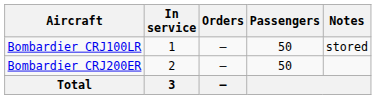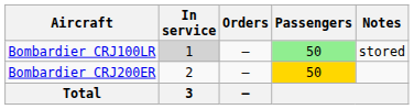 <table class="wikitable" style="margin:0.5em auto; text-align:center">
 <tr>
 <th>Aircraft</th>
 <th>In <br> service</th>
 <th>Orders</th>
 <th>Passengers</th>
 <th>Notes</th>
 </tr>
 <tr>
 <td><a href='#'>Bombardier CRJ100LR</a></td>
-<td>1</td>
+<td style="background: lightgrey;">1</td>
 <td>—</td>
-<td>50</td>
+<td style="background: lightgreen;">50</td>
 <td>stored</td>
 </tr>
 <tr>
 <td><a href='#'>Bombardier CRJ200ER</a></td>
 <td>2</td>
 <td>—</td>
-<td>50</td>
+<td style="background: gold;">50</td>
 <td></td>
 </tr>
 <tr>
 <th>Total</th>
 <th>3</th>
 <th>—</th>
 <th colspan=5></th>
 </tr>
 </table>
